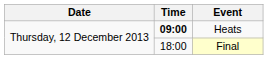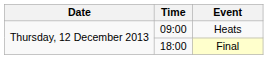 <table class = "wikitable" style="text-align:center;">
 <tr>
 <th width=220>Date</th>
 <th width=50>Time</th>
 <th width=100>Event</th>
 </tr>
 <tr>
 <td rowspan=2>Thursday, 12 December 2013</td>
-<td><strong>09:00</strong></td>
+<td>09:00</td>
 <td>Heats</td>
 </tr>
 <tr>
 <td>18:00</td>
 <td bgcolor=ffffcc>Final</td>
 </tr>
 </table>
